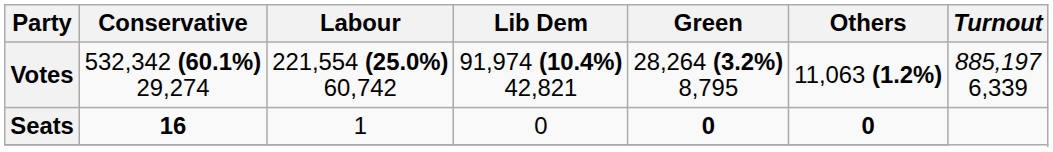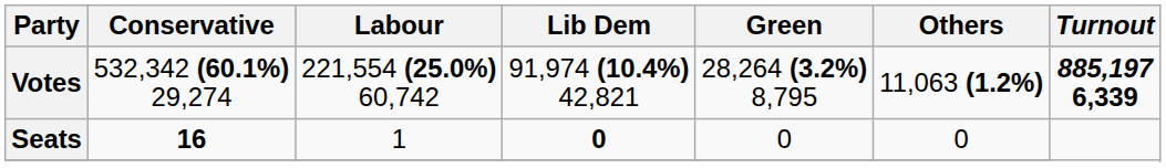 <table class="wikitable" style=text-align:center>
 <tr>
 <th>Party</th>
 <th style="background:">Conservative</th>
 <th style="background:">Labour</th>
 <th style="background:">Lib Dem</th>
 <th style="background:">Green</th>
 <th>Others</th>
 <th><em>Turnout</em></th>
 </tr>
 <tr class="nowrap"|>
 <th>Votes</th>
 <td>532,342 <strong>(60.1%)</strong><br>29,274</td>
 <td>221,554 <strong>(25.0%)</strong><br>60,742</td>
 <td>91,974 <strong>(10.4%)</strong><br>42,821</td>
 <td>28,264 <strong>(3.2%)</strong><br>8,795</td>
 <td>11,063 <strong>(1.2%)</strong></td>
-<td><em>885,197</em><br>6,339</td>
+<td><strong><em>885,197</em><br>6,339</strong></td>
 </tr>
 <tr>
 <th>Seats</th>
 <td><strong>16<br></strong></td>
 <td>1<br></td>
+<td><strong>0<br></strong></td>
 <td>0<br></td>
-<td><strong>0<br></strong></td>
-<td><strong>0<br></strong></td>
+<td>0<br></td>
 </tr>
 <tr>
 </tr>
 </table>
